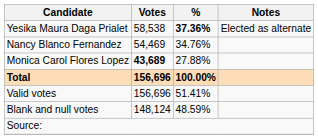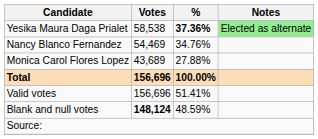 <table class=wikitable>
 <tr>
 <th>Candidate</th>
 <th>Votes</th>
 <th>%</th>
 <th>Notes</th>
 </tr>
 <tr>
 <td>Yesika Maura Daga Prialet</td>
 <td>58,538</td>
 <td><strong>37.36%</strong></td>
-<td>Elected as alternate</td>
+<td style="background: lightgreen;">Elected as alternate</td>
 </tr>
 <tr>
 <td>Nancy Blanco Fernandez</td>
 <td>54,469</td>
 <td>34.76%</td>
 <td></td>
 </tr>
 <tr>
 <td>Monica Carol Flores Lopez</td>
-<td><strong>43,689</strong></td>
+<td>43,689</td>
 <td>27.88%</td>
 <td></td>
 </tr>
 <tr>
 <td style="background:#FDDCB8"><strong>Total</strong></td>
 <td style="background:#FDDCB8"><strong>156,696</strong></td>
 <td style="background:#FDDCB8"><strong>100.00%</strong></td>
 <td style="background:#FDDCB8"></td>
 </tr>
 <tr>
 <td>Valid votes</td>
 <td>156,696</td>
 <td>51.41%</td>
 <td></td>
 </tr>
 <tr>
 <td>Blank and null votes</td>
-<td>148,124</td>
+<td><strong>148,124</strong></td>
 <td>48.59%</td>
 <td></td>
 </tr>
 <tr>
 <td colspan="4">Source: </td>
 </tr>
 <tr>
 </tr>
 </table>
